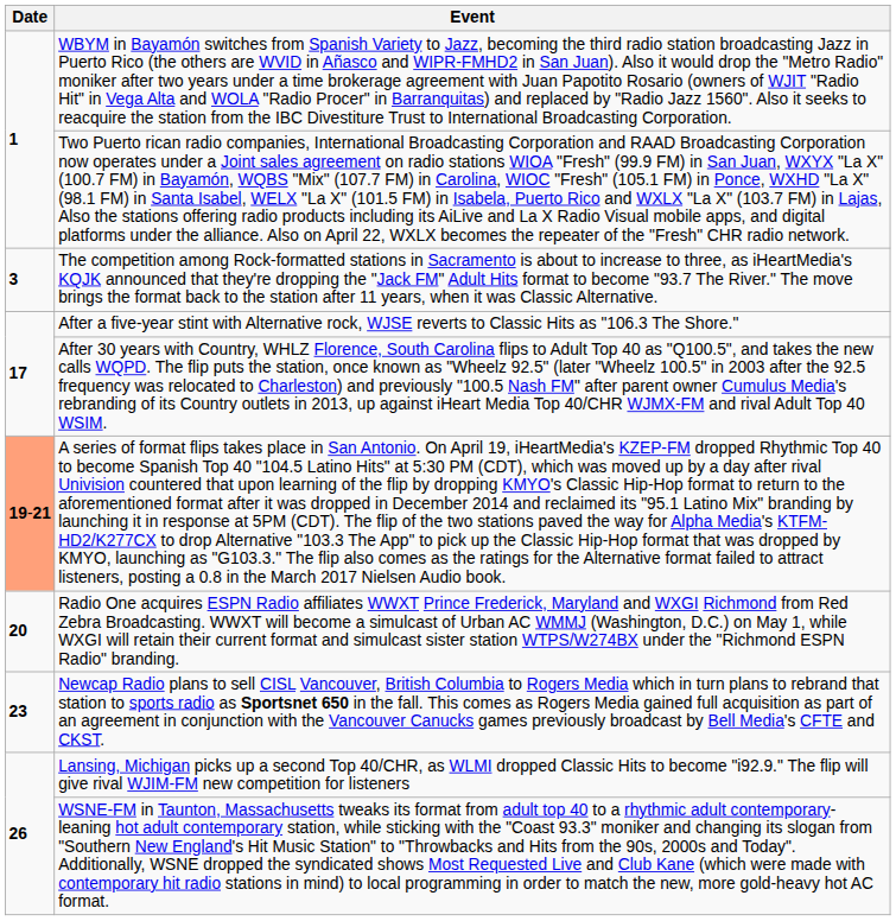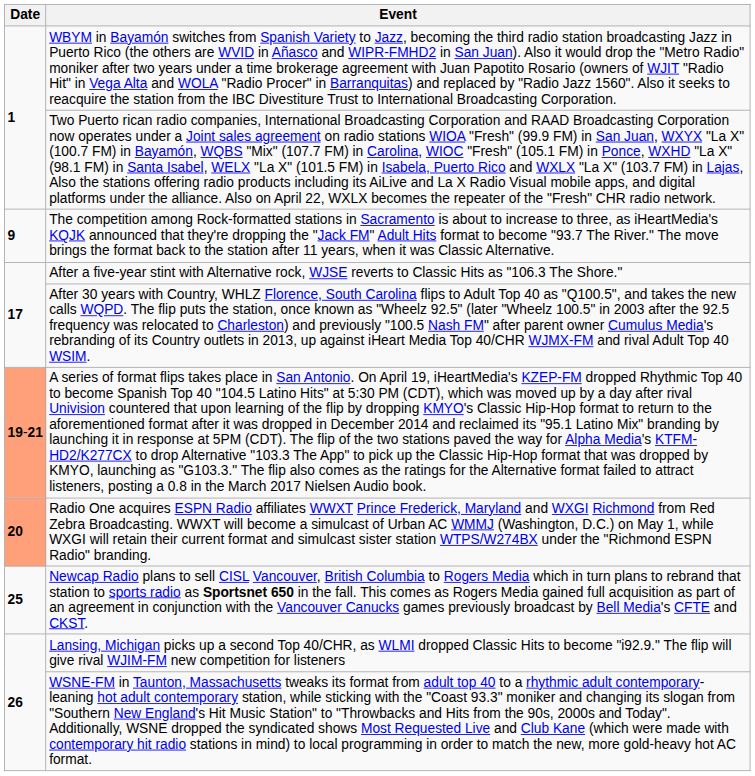 <table class="wikitable">
 <tr>
 <th>Date</th>
 <th>Event</th>
 </tr>
 <tr>
 <td rowspan=2><strong>1</strong></td>
 <td><a href='#'>WBYM</a> in <a href='#'>Bayamón</a> switches from <a href='#'>Spanish Variety</a> to <a href='#'>Jazz</a>, becoming the third radio station broadcasting Jazz in Puerto Rico (the others are <a href='#'>WVID</a> in <a href='#'>Añasco</a> and <a href='#'>WIPR-FMHD2</a> in <a href='#'>San Juan</a>). Also it would drop the "Metro Radio" moniker after two years under a time brokerage agreement with Juan Papotito Rosario (owners of <a href='#'>WJIT</a> "Radio Hit" in <a href='#'>Vega Alta</a> and <a href='#'>WOLA</a> "Radio Procer" in <a href='#'>Barranquitas</a>) and replaced by "Radio Jazz 1560". Also it seeks to reacquire the station from the IBC Divestiture Trust to International Broadcasting Corporation.</td>
 </tr>
 <tr>
 <td>Two Puerto rican radio companies, International Broadcasting Corporation and RAAD Broadcasting Corporation now operates under a <a href='#'>Joint sales agreement</a> on radio stations <a href='#'>WIOA</a> "Fresh" (99.9 FM) in <a href='#'>San Juan</a>, <a href='#'>WXYX</a> "La X" (100.7 FM) in <a href='#'>Bayamón</a>, <a href='#'>WQBS</a> "Mix" (107.7 FM) in <a href='#'>Carolina</a>, <a href='#'>WIOC</a> "Fresh" (105.1 FM) in <a href='#'>Ponce</a>, <a href='#'>WXHD</a> "La X" (98.1 FM) in <a href='#'>Santa Isabel</a>, <a href='#'>WELX</a> "La X" (101.5 FM) in <a href='#'>Isabela, Puerto Rico</a> and <a href='#'>WXLX</a> "La X" (103.7 FM) in <a href='#'>Lajas</a>, Also the stations offering radio products including its AiLive and La X Radio Visual mobile apps, and digital platforms under the alliance. Also on April 22, WXLX becomes the repeater of the "Fresh" CHR radio network.</td>
 </tr>
 <tr>
-<td><strong>3</strong></td>
+<td><strong>9</strong></td>
 <td>The competition among Rock-formatted stations in <a href='#'>Sacramento</a> is about to increase to three, as iHeartMedia's <a href='#'>KQJK</a> announced that they're dropping the "<a href='#'>Jack FM</a>" <a href='#'>Adult Hits</a> format to become "93.7 The River." The move brings the format back to the station after 11 years, when it was Classic Alternative.</td>
 </tr>
 <tr>
 <td rowspan=2><strong>17</strong></td>
 <td>After a five-year stint with Alternative rock, <a href='#'>WJSE</a> reverts to Classic Hits as "106.3 The Shore."</td>
 </tr>
 <tr>
 <td>After 30 years with Country, WHLZ <a href='#'>Florence, South Carolina</a> flips to Adult Top 40 as "Q100.5", and takes the new calls <a href='#'>WQPD</a>. The flip puts the station, once known as "Wheelz 92.5" (later "Wheelz 100.5" in 2003 after the 92.5 frequency was relocated to <a href='#'>Charleston</a>) and previously "100.5 <a href='#'>Nash FM</a>" after parent owner <a href='#'>Cumulus Media</a>'s rebranding of its Country outlets in 2013, up against iHeart Media Top 40/CHR <a href='#'>WJMX-FM</a> and rival Adult Top 40 <a href='#'>WSIM</a>.</td>
 </tr>
 <tr>
 <td style="background: lightsalmon;"><strong>19</strong>-<strong>21</strong></td>
 <td>A series of format flips takes place in <a href='#'>San Antonio</a>. On April 19, iHeartMedia's <a href='#'>KZEP-FM</a> dropped Rhythmic Top 40 to become Spanish Top 40 "104.5 Latino Hits" at 5:30 PM (CDT), which was moved up by a day after rival <a href='#'>Univision</a> countered that upon learning of the flip by dropping <a href='#'>KMYO</a>'s Classic Hip-Hop format to return to the aforementioned format after it was dropped in December 2014 and reclaimed its "95.1 Latino Mix" branding by launching it in response at 5PM (CDT). The flip of the two stations paved the way for <a href='#'>Alpha Media</a>'s <a href='#'>KTFM-HD2/K277CX</a> to drop Alternative "103.3 The App" to pick up the Classic Hip-Hop format that was dropped by KMYO, launching as "G103.3." The flip also comes as the ratings for the Alternative format failed to attract listeners, posting a 0.8 in the March 2017 Nielsen Audio book.</td>
 </tr>
 <tr>
-<td><strong>20</strong></td>
+<td style="background: lightsalmon;"><strong>20</strong></td>
 <td>Radio One acquires <a href='#'>ESPN Radio</a> affiliates <a href='#'>WWXT</a> <a href='#'>Prince Frederick, Maryland</a> and <a href='#'>WXGI</a> <a href='#'>Richmond</a> from Red Zebra Broadcasting. WWXT will become a simulcast of Urban AC <a href='#'>WMMJ</a> (Washington, D.C.) on May 1, while WXGI will retain their current format and simulcast sister station <a href='#'>WTPS/W274BX</a> under the "Richmond ESPN Radio" branding.</td>
 </tr>
 <tr>
-<td><strong>23</strong></td>
+<td><strong>25</strong></td>
 <td><a href='#'>Newcap Radio</a> plans to sell <a href='#'>CISL</a> <a href='#'>Vancouver</a>, <a href='#'>British Columbia</a> to <a href='#'>Rogers Media</a> which in turn plans to rebrand that station to <a href='#'>sports radio</a> as <strong>Sportsnet 650</strong> in the fall. This comes as Rogers Media gained full acquisition as part of an agreement in conjunction with the <a href='#'>Vancouver Canucks</a> games previously broadcast by <a href='#'>Bell Media</a>'s <a href='#'>CFTE</a> and <a href='#'>CKST</a>.</td>
 </tr>
 <tr>
 <td rowspan=2><strong>26</strong></td>
 <td><a href='#'>Lansing, Michigan</a> picks up a second Top 40/CHR, as <a href='#'>WLMI</a> dropped Classic Hits to become "i92.9." The flip will give rival <a href='#'>WJIM-FM</a> new competition for listeners</td>
 </tr>
 <tr>
 <td><a href='#'>WSNE-FM</a> in <a href='#'>Taunton, Massachusetts</a> tweaks its format from <a href='#'>adult top 40</a> to a <a href='#'>rhythmic adult contemporary</a>-leaning <a href='#'>hot adult contemporary</a> station, while sticking with the "Coast 93.3" moniker and changing its slogan from "Southern <a href='#'>New England</a>'s Hit Music Station" to "Throwbacks and Hits from the 90s, 2000s and Today". Additionally, WSNE dropped the syndicated shows <a href='#'>Most Requested Live</a> and <a href='#'>Club Kane</a> (which were made with <a href='#'>contemporary hit radio</a> stations in mind) to local programming in order to match the new, more gold-heavy hot AC format.</td>
 </tr>
 </table>
